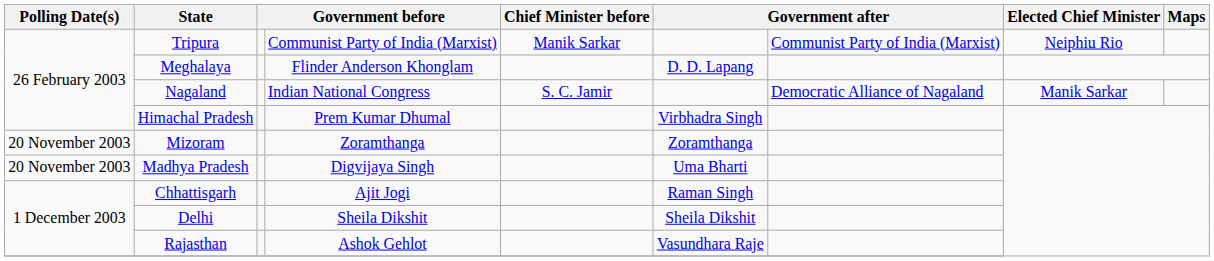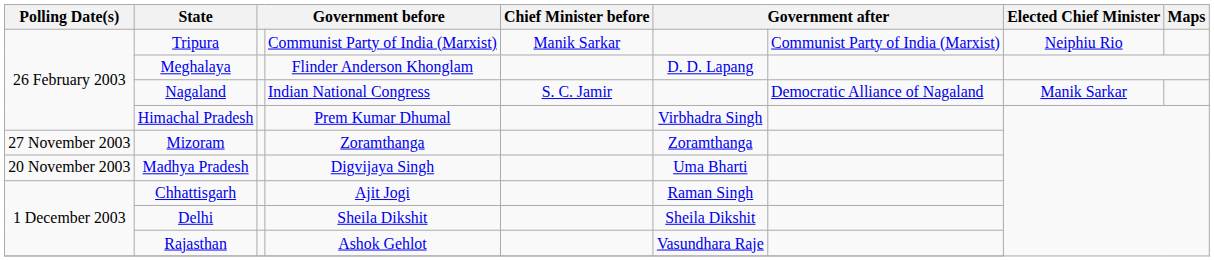 <table class="wikitable sortable">
 <tr>
 <th>Polling Date(s)</th>
 <th>State</th>
 <th colspan="2">Government before</th>
 <th>Chief Minister before</th>
 <th colspan="2">Government after</th>
 <th>Elected Chief Minister</th>
 <th>Maps</th>
 </tr>
 <tr style="text-align:center;">
 <td rowspan="4">26 February 2003</td>
 <td><a href='#'>Tripura</a></td>
 <td></td>
 <td align="left"><a href='#'>Communist Party of India (Marxist)</a></td>
 <td><a href='#'>Manik Sarkar</a></td>
 <td></td>
 <td align="left"><a href='#'>Communist Party of India (Marxist)</a></td>
 <td><a href='#'>Neiphiu Rio</a></td>
 <td></td>
 </tr>
 <tr style="text-align:center;">
 <td><a href='#'>Meghalaya</a></td>
 <td></td>
 <td><a href='#'>Flinder Anderson Khonglam</a></td>
 <td></td>
 <td><a href='#'>D. D. Lapang</a></td>
 <td></td>
 </tr>
 <tr style="text-align:center;">
 <td><a href='#'>Nagaland</a></td>
 <td></td>
 <td align="left"><a href='#'>Indian National Congress</a></td>
 <td><a href='#'>S. C. Jamir</a></td>
 <td></td>
 <td align="left"><a href='#'>Democratic Alliance of Nagaland</a></td>
 <td><a href='#'>Manik Sarkar</a></td>
 <td></td>
 </tr>
 <tr style="text-align:center;">
 <td><a href='#'>Himachal Pradesh</a></td>
 <td></td>
 <td><a href='#'>Prem Kumar Dhumal</a></td>
 <td></td>
 <td><a href='#'>Virbhadra Singh</a></td>
 <td></td>
 </tr>
 <tr style="text-align:center;">
-<td>20 November 2003</td>
+<td>27 November 2003</td>
 <td><a href='#'>Mizoram</a></td>
 <td></td>
 <td><a href='#'>Zoramthanga</a></td>
 <td></td>
 <td><a href='#'>Zoramthanga</a></td>
 <td></td>
 </tr>
 <tr style="text-align:center;">
 <td>20 November 2003</td>
 <td><a href='#'>Madhya Pradesh</a></td>
 <td></td>
 <td><a href='#'>Digvijaya Singh</a></td>
 <td></td>
 <td><a href='#'>Uma Bharti</a></td>
 <td></td>
 </tr>
 <tr style="text-align:center;">
 <td rowspan="3">1 December 2003</td>
 <td><a href='#'>Chhattisgarh</a></td>
 <td></td>
 <td><a href='#'>Ajit Jogi</a></td>
 <td></td>
 <td><a href='#'>Raman Singh</a></td>
 <td></td>
 </tr>
 <tr style="text-align:center;">
 <td><a href='#'>Delhi</a></td>
 <td></td>
 <td><a href='#'>Sheila Dikshit</a></td>
 <td></td>
 <td><a href='#'>Sheila Dikshit</a></td>
 <td></td>
 </tr>
 <tr style="text-align:center;">
 <td><a href='#'>Rajasthan</a></td>
 <td></td>
 <td><a href='#'>Ashok Gehlot</a></td>
 <td></td>
 <td><a href='#'>Vasundhara Raje</a></td>
 <td></td>
 </tr>
 <tr style="text-align:center;">
 </tr>
 </table>
